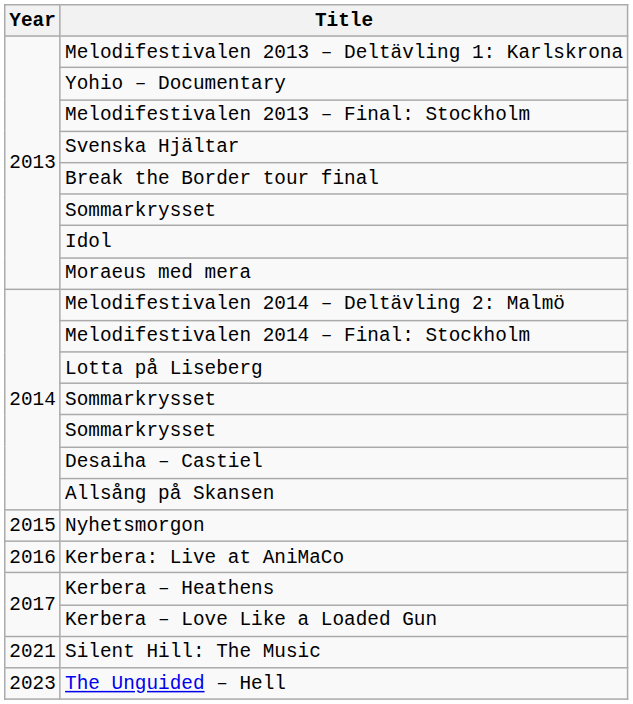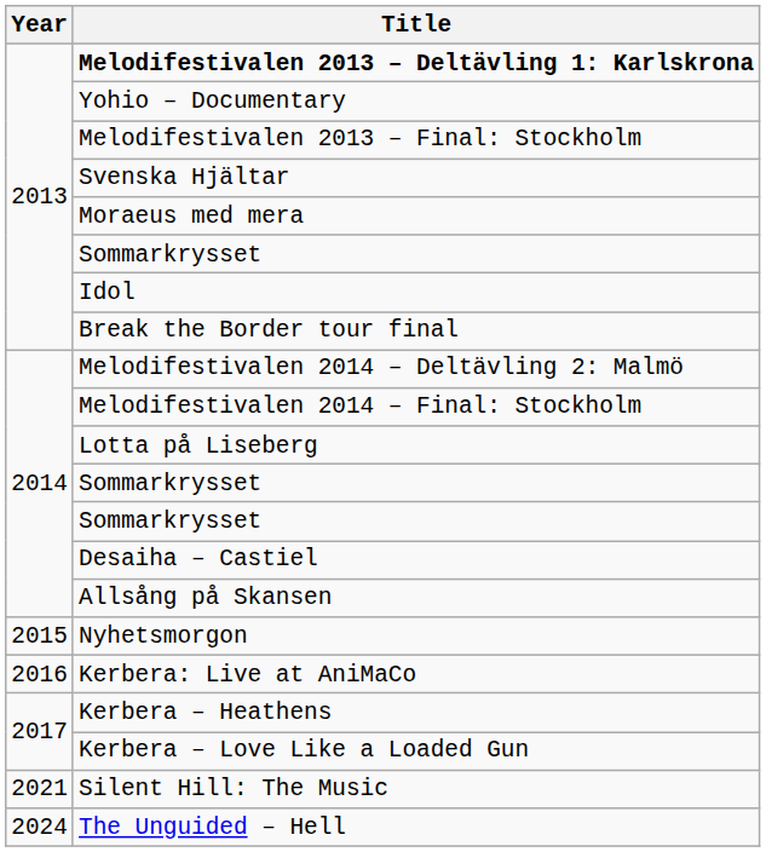 <table class="wikitable">
 <tr>
 <th>Year</th>
 <th>Title</th>
 </tr>
 <tr>
 <td rowspan="8">2013</td>
-<td>Melodifestivalen 2013 – Deltävling 1: Karlskrona</td>
+<td><strong>Melodifestivalen 2013 – Deltävling 1: Karlskrona</strong></td>
 </tr>
 <tr>
 <td>Yohio – Documentary</td>
 </tr>
 <tr>
 <td>Melodifestivalen 2013 – Final: Stockholm</td>
 </tr>
 <tr>
 <td>Svenska Hjältar</td>
 </tr>
 <tr>
-<td>Break the Border tour final</td>
+<td>Moraeus med mera</td>
 </tr>
 <tr>
 <td>Sommarkrysset</td>
 </tr>
 <tr>
 <td>Idol</td>
 </tr>
 <tr>
-<td>Moraeus med mera</td>
+<td>Break the Border tour final</td>
 </tr>
 <tr>
 <td rowspan="7">2014</td>
 <td>Melodifestivalen 2014 – Deltävling 2: Malmö</td>
 </tr>
 <tr>
 <td>Melodifestivalen 2014 – Final: Stockholm</td>
 </tr>
 <tr>
 <td>Lotta på Liseberg</td>
 </tr>
 <tr>
 <td>Sommarkrysset</td>
 </tr>
 <tr>
 <td>Sommarkrysset</td>
 </tr>
 <tr>
 <td>Desaiha – Castiel</td>
 </tr>
 <tr>
 <td>Allsång på Skansen</td>
 </tr>
 <tr>
 <td>2015</td>
 <td>Nyhetsmorgon</td>
 </tr>
 <tr>
 <td>2016</td>
 <td>Kerbera: Live at AniMaCo</td>
 </tr>
 <tr>
 <td rowspan="2">2017</td>
 <td>Kerbera – Heathens</td>
 </tr>
 <tr>
 <td>Kerbera – Love Like a Loaded Gun</td>
 </tr>
 <tr>
 <td>2021</td>
 <td>Silent Hill: The Music </td>
 </tr>
 <tr>
-<td>2023</td>
+<td>2024</td>
 <td><a href='#'>The Unguided</a> – Hell</td>
 </tr>
 </table>
